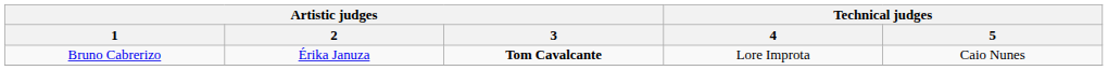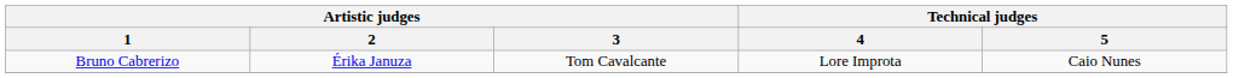 <table class="wikitable" style="font-size:100%; line-height:16px; text-align:center" width="100%">
 <tr>
 <th colspan=3>Artistic judges</th>
 <th colspan=2>Technical judges</th>
 </tr>
 <tr>
 <th width="20.0%">1</th>
 <th width="20.0%">2</th>
 <th width="20.0%">3</th>
 <th width="20.0%">4</th>
 <th width="20.0%">5</th>
 </tr>
 <tr>
 <td><a href='#'>Bruno Cabrerizo</a></td>
 <td><a href='#'>Érika Januza</a></td>
-<td><strong>Tom Cavalcante</strong></td>
+<td>Tom Cavalcante</td>
 <td>Lore Improta</td>
 <td>Caio Nunes</td>
 </tr>
 <tr>
 </tr>
 </table>
